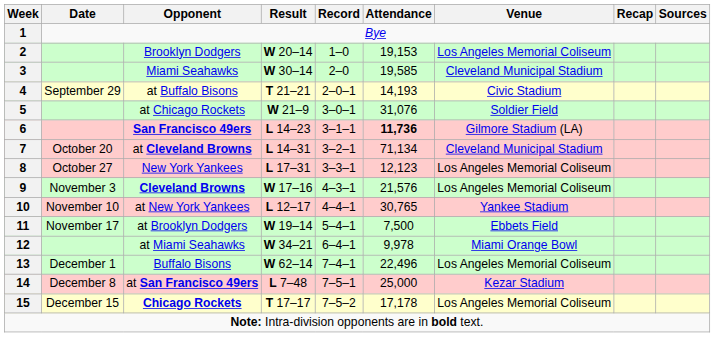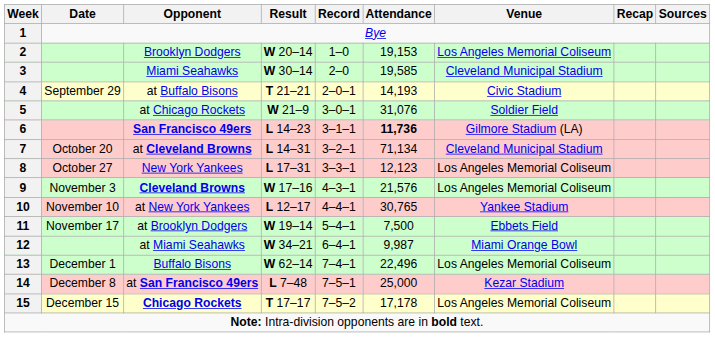 <table class="wikitable" style="text-align:center">
 <tr>
 <th>Week</th>
 <th>Date</th>
 <th>Opponent</th>
 <th>Result</th>
 <th>Record</th>
 <th>Attendance</th>
 <th>Venue</th>
 <th>Recap</th>
 <th>Sources</th>
 </tr>
 <tr>
 <th>1</th>
 <td colspan=8 align=center><em><a href='#'>Bye</a></em></td>
 </tr>
 <tr style="background:#cfc">
 <th>2</th>
 <td></td>
 <td><a href='#'>Brooklyn Dodgers</a></td>
 <td><strong>W</strong> 20–14</td>
 <td>1–0</td>
 <td>19,153</td>
 <td><a href='#'>Los Angeles Memorial Coliseum</a></td>
 <td></td>
 <td></td>
 </tr>
 <tr style="background:#cfc">
 <th>3</th>
 <td></td>
 <td><a href='#'>Miami Seahawks</a></td>
 <td><strong>W</strong> 30–14</td>
 <td>2–0</td>
 <td>19,585</td>
 <td><a href='#'>Cleveland Municipal Stadium</a></td>
 <td></td>
 <td></td>
 </tr>
 <tr style="background:#ffc">
 <th>4</th>
 <td>September 29</td>
 <td>at <a href='#'>Buffalo Bisons</a></td>
 <td><strong>T</strong> 21–21</td>
 <td>2–0–1</td>
 <td>14,193</td>
 <td><a href='#'>Civic Stadium</a></td>
 <td></td>
 <td></td>
 </tr>
 <tr style="background:#cfc">
 <th>5</th>
 <td></td>
 <td>at <a href='#'>Chicago Rockets</a></td>
 <td><strong>W</strong> 21–9</td>
 <td>3–0–1</td>
 <td>31,076</td>
 <td><a href='#'>Soldier Field</a></td>
 <td></td>
 <td></td>
 </tr>
 <tr style="background:#fcc">
 <th>6</th>
 <td></td>
 <td><strong><a href='#'>San Francisco 49ers</a></strong></td>
 <td><strong>L</strong> 14–23</td>
 <td>3–1–1</td>
 <td><strong>11,736</strong></td>
 <td><a href='#'>Gilmore Stadium</a> (LA)</td>
 <td></td>
 <td></td>
 </tr>
 <tr style="background:#fcc">
 <th>7</th>
 <td>October 20</td>
 <td>at <strong><a href='#'>Cleveland Browns</a></strong></td>
 <td><strong>L</strong> 14–31</td>
 <td>3–2–1</td>
 <td>71,134</td>
 <td><a href='#'>Cleveland Municipal Stadium</a></td>
 <td></td>
 <td></td>
 </tr>
 <tr style="background:#fcc">
 <th>8</th>
 <td>October 27</td>
 <td><a href='#'>New York Yankees</a></td>
 <td><strong>L</strong> 17–31</td>
 <td>3–3–1</td>
 <td>12,123</td>
 <td>Los Angeles Memorial Coliseum</td>
 <td></td>
 <td></td>
 </tr>
 <tr style="background:#cfc">
 <th>9</th>
 <td>November 3</td>
 <td><strong><a href='#'>Cleveland Browns</a></strong></td>
 <td><strong>W</strong> 17–16</td>
 <td>4–3–1</td>
 <td>21,576</td>
 <td>Los Angeles Memorial Coliseum</td>
 <td></td>
 <td></td>
 </tr>
 <tr style="background:#fcc">
 <th>10</th>
 <td>November 10</td>
 <td>at <a href='#'>New York Yankees</a></td>
 <td><strong>L</strong> 12–17</td>
 <td>4–4–1</td>
 <td>30,765</td>
 <td><a href='#'>Yankee Stadium</a></td>
 <td></td>
 <td></td>
 </tr>
 <tr style="background:#cfc">
 <th>11</th>
 <td>November 17</td>
 <td>at <a href='#'>Brooklyn Dodgers</a></td>
 <td><strong>W</strong> 19–14</td>
 <td>5–4–1</td>
 <td>7,500</td>
 <td><a href='#'>Ebbets Field</a></td>
 <td></td>
 <td></td>
 </tr>
 <tr style="background:#cfc">
 <th>12</th>
 <td></td>
 <td>at <a href='#'>Miami Seahawks</a></td>
 <td><strong>W</strong> 34–21</td>
 <td>6–4–1</td>
-<td>9,978</td>
+<td>9,987</td>
 <td><a href='#'>Miami Orange Bowl</a></td>
 <td></td>
 <td></td>
 </tr>
 <tr style="background:#cfc">
 <th>13</th>
 <td>December 1</td>
 <td><a href='#'>Buffalo Bisons</a></td>
 <td><strong>W</strong> 62–14</td>
 <td>7–4–1</td>
 <td>22,496</td>
 <td>Los Angeles Memorial Coliseum</td>
 <td></td>
 <td></td>
 </tr>
 <tr style="background:#fcc">
 <th>14</th>
 <td>December 8</td>
 <td>at <strong><a href='#'>San Francisco 49ers</a></strong></td>
 <td><strong>L</strong> 7–48</td>
 <td>7–5–1</td>
 <td>25,000</td>
 <td><a href='#'>Kezar Stadium</a></td>
 <td></td>
 <td></td>
 </tr>
 <tr style="background:#ffc">
 <th>15</th>
 <td>December 15</td>
 <td><strong><a href='#'>Chicago Rockets</a></strong></td>
 <td><strong>T</strong> 17–17</td>
 <td>7–5–2</td>
 <td>17,178</td>
 <td>Los Angeles Memorial Coliseum</td>
 <td></td>
 <td></td>
 </tr>
 <tr>
 <td colspan="9"><strong>Note:</strong> Intra-division opponents are in <strong>bold</strong> text.</td>
 </tr>
 </table>
